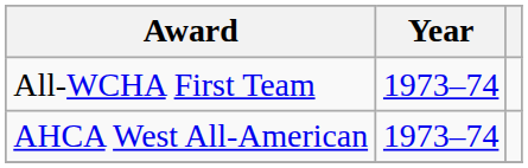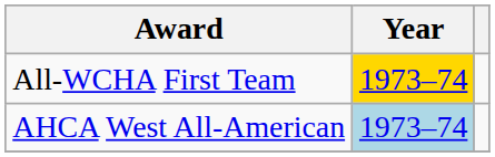 <table class="wikitable">
 <tr>
 <th>Award</th>
 <th>Year</th>
 <th></th>
 </tr>
 <tr>
 <td>All-<a href='#'>WCHA</a> <a href='#'>First Team</a></td>
-<td><a href='#'>1973–74</a></td>
+<td style="background: gold;"><a href='#'>1973–74</a></td>
 <td></td>
 </tr>
 <tr>
 <td><a href='#'>AHCA</a> <a href='#'>West All-American</a></td>
-<td><a href='#'>1973–74</a></td>
+<td style="background: lightblue;"><a href='#'>1973–74</a></td>
 <td></td>
 </tr>
 <tr>
 </tr>
 </table>
